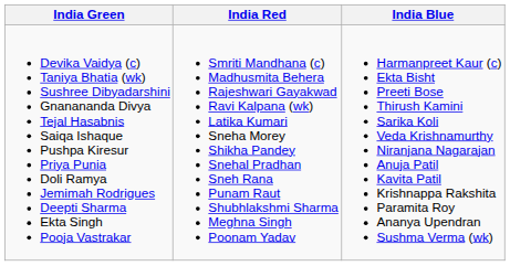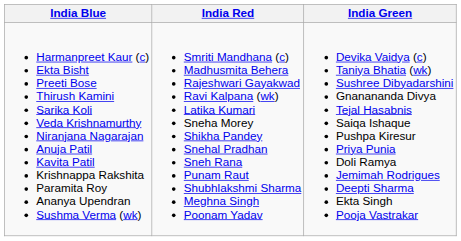 <table class="wikitable">
 <tr>
+<th><a href='#'>India Blue</a></th>
+<th><a href='#'>India Red</a></th>
 <th><a href='#'>India Green</a></th>
-<th><a href='#'>India Red</a></th>
-<th><a href='#'>India Blue</a></th>
 </tr>
 <tr>
+<td><br><ul><li><a href='#'>Harmanpreet Kaur</a> (<a href='#'>c</a>)</li><li><a href='#'>Ekta Bisht</a></li><li><a href='#'>Preeti Bose</a></li><li><a href='#'>Thirush Kamini</a></li><li><a href='#'>Sarika Koli</a></li><li><a href='#'>Veda Krishnamurthy</a></li><li><a href='#'>Niranjana Nagarajan</a></li><li><a href='#'>Anuja Patil</a></li><li><a href='#'>Kavita Patil</a></li><li>Krishnappa Rakshita</li><li>Paramita Roy</li><li>Ananya Upendran</li><li><a href='#'>Sushma Verma</a> (<a href='#'>wk</a>)</li></ul></td>
+<td><br><ul><li><a href='#'>Smriti Mandhana</a> (<a href='#'>c</a>)</li><li><a href='#'>Madhusmita Behera</a></li><li><a href='#'>Rajeshwari Gayakwad</a></li><li><a href='#'>Ravi Kalpana</a> (<a href='#'>wk</a>)</li><li><a href='#'>Latika Kumari</a></li><li>Sneha Morey</li><li><a href='#'>Shikha Pandey</a></li><li><a href='#'>Snehal Pradhan</a></li><li><a href='#'>Sneh Rana</a></li><li><a href='#'>Punam Raut</a></li><li><a href='#'>Shubhlakshmi Sharma</a></li><li><a href='#'>Meghna Singh</a></li><li><a href='#'>Poonam Yadav</a></li></ul></td>
 <td><br><ul><li><a href='#'>Devika Vaidya</a> (<a href='#'>c</a>)</li><li><a href='#'>Taniya Bhatia</a> (<a href='#'>wk</a>)</li><li><a href='#'>Sushree Dibyadarshini</a></li><li>Gnanananda Divya</li><li><a href='#'>Tejal Hasabnis</a></li><li>Saiqa Ishaque</li><li>Pushpa Kiresur</li><li><a href='#'>Priya Punia</a></li><li>Doli Ramya</li><li><a href='#'>Jemimah Rodrigues</a></li><li><a href='#'>Deepti Sharma</a></li><li>Ekta Singh</li><li><a href='#'>Pooja Vastrakar</a></li></ul></td>
-<td><br><ul><li><a href='#'>Smriti Mandhana</a> (<a href='#'>c</a>)</li><li><a href='#'>Madhusmita Behera</a></li><li><a href='#'>Rajeshwari Gayakwad</a></li><li><a href='#'>Ravi Kalpana</a> (<a href='#'>wk</a>)</li><li><a href='#'>Latika Kumari</a></li><li>Sneha Morey</li><li><a href='#'>Shikha Pandey</a></li><li><a href='#'>Snehal Pradhan</a></li><li><a href='#'>Sneh Rana</a></li><li><a href='#'>Punam Raut</a></li><li><a href='#'>Shubhlakshmi Sharma</a></li><li><a href='#'>Meghna Singh</a></li><li><a href='#'>Poonam Yadav</a></li></ul></td>
-<td><br><ul><li><a href='#'>Harmanpreet Kaur</a> (<a href='#'>c</a>)</li><li><a href='#'>Ekta Bisht</a></li><li><a href='#'>Preeti Bose</a></li><li><a href='#'>Thirush Kamini</a></li><li><a href='#'>Sarika Koli</a></li><li><a href='#'>Veda Krishnamurthy</a></li><li><a href='#'>Niranjana Nagarajan</a></li><li><a href='#'>Anuja Patil</a></li><li><a href='#'>Kavita Patil</a></li><li>Krishnappa Rakshita</li><li>Paramita Roy</li><li>Ananya Upendran</li><li><a href='#'>Sushma Verma</a> (<a href='#'>wk</a>)</li></ul></td>
 </tr>
 </table>
